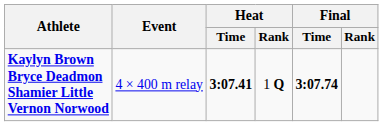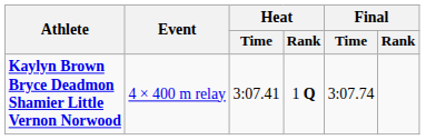 <table class=wikitable style=font-size:90%>
 <tr>
 <th rowspan=2>Athlete</th>
 <th rowspan=2>Event</th>
 <th colspan=2>Heat</th>
 <th colspan=2>Final</th>
 </tr>
 <tr style=font-size:95%>
 <th>Time</th>
 <th>Rank</th>
 <th>Time</th>
 <th>Rank</th>
 </tr>
 <tr align=center>
 <td align=left><strong><a href='#'>Kaylyn Brown</a><br><a href='#'>Bryce Deadmon</a><br><a href='#'>Shamier Little</a><br><a href='#'>Vernon Norwood</a></strong></td>
 <td align=left><a href='#'>4 × 400 m relay</a></td>
-<td><strong>3:07.41 </strong></td>
+<td>3:07.41 </td>
 <td>1 <strong>Q</strong></td>
-<td><strong>3:07.74</strong></td>
+<td>3:07.74</td>
 <td></td>
 </tr>
 </table>
